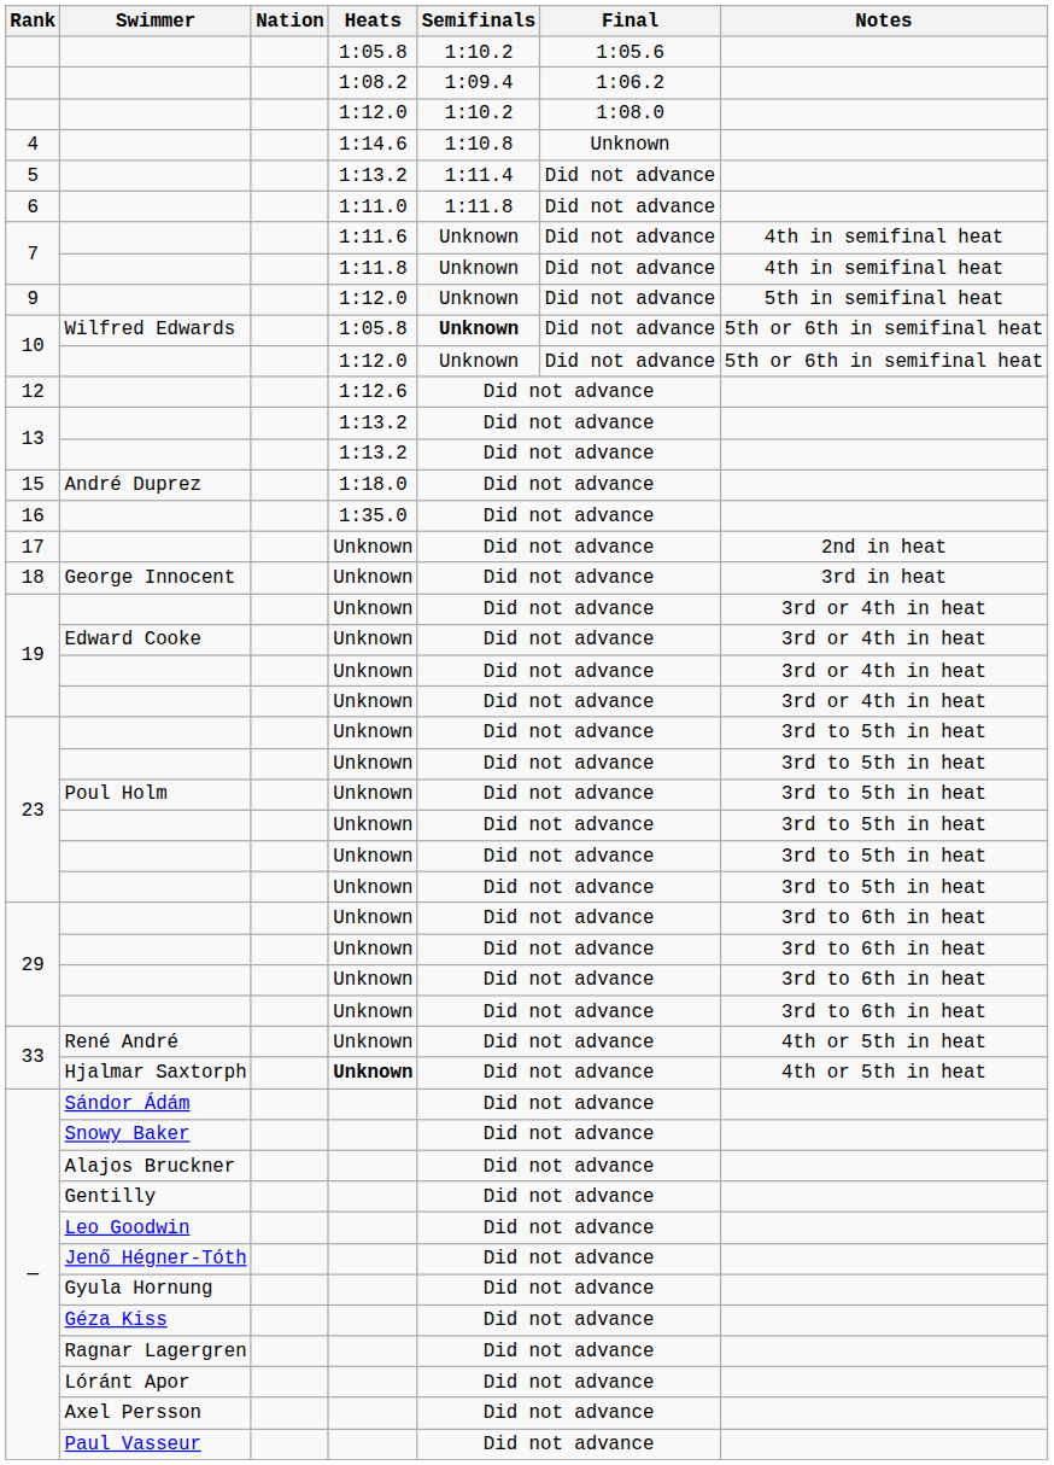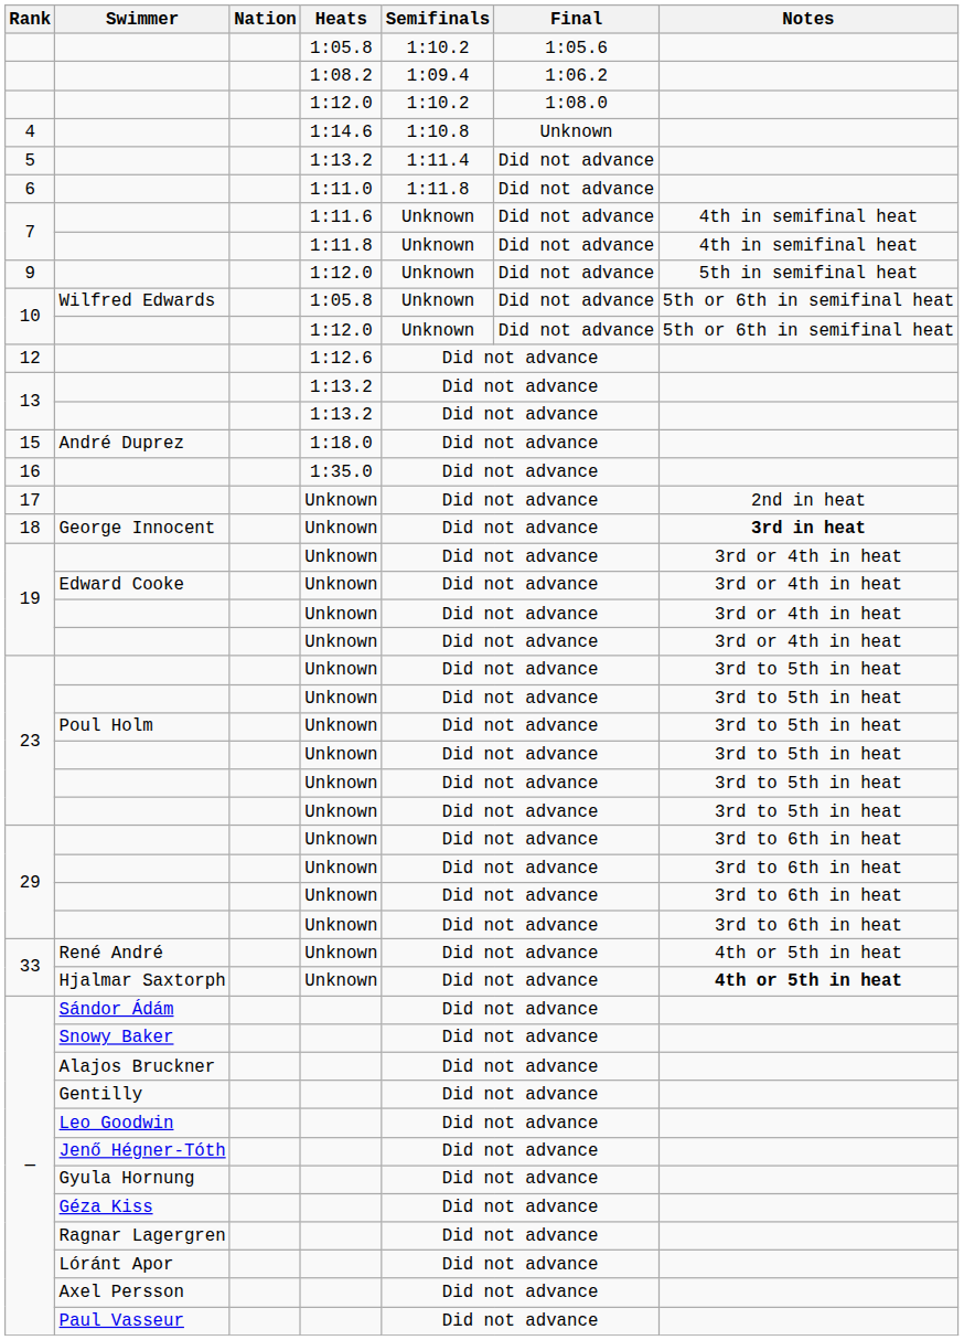 <table class="wikitable sortable" style="text-align:center">
 <tr>
 <th>Rank</th>
 <th>Swimmer</th>
 <th>Nation</th>
 <th>Heats</th>
 <th>Semifinals</th>
 <th>Final</th>
 <th>Notes</th>
 </tr>
 <tr>
 <td></td>
 <td align=left></td>
 <td align=left></td>
 <td>1:05.8</td>
 <td>1:10.2</td>
 <td>1:05.6</td>
 <td></td>
 </tr>
 <tr>
 <td></td>
 <td align=left></td>
 <td align=left></td>
 <td>1:08.2</td>
 <td>1:09.4</td>
 <td>1:06.2</td>
 <td></td>
 </tr>
 <tr>
 <td></td>
 <td align=left></td>
 <td align=left></td>
 <td>1:12.0</td>
 <td>1:10.2</td>
 <td>1:08.0</td>
 <td></td>
 </tr>
 <tr>
 <td>4</td>
 <td align=left></td>
 <td align=left></td>
 <td>1:14.6</td>
 <td>1:10.8</td>
 <td data-sort-value=5:00.0>Unknown</td>
 <td></td>
 </tr>
 <tr>
 <td>5</td>
 <td align=left></td>
 <td align=left></td>
 <td>1:13.2</td>
 <td>1:11.4</td>
 <td data-sort-value=6:00.0>Did not advance</td>
 <td></td>
 </tr>
 <tr>
 <td>6</td>
 <td align=left></td>
 <td align=left></td>
 <td>1:11.0</td>
 <td>1:11.8</td>
 <td data-sort-value=6:00.0>Did not advance</td>
 <td></td>
 </tr>
 <tr>
 <td rowspan=2>7</td>
 <td align=left></td>
 <td align=left></td>
 <td>1:11.6</td>
 <td data-sort-value=5:00.0>Unknown</td>
 <td data-sort-value=6:00.0>Did not advance</td>
 <td>4th in semifinal heat</td>
 </tr>
 <tr>
 <td align=left></td>
 <td align=left></td>
 <td>1:11.8</td>
 <td data-sort-value=5:00.0>Unknown</td>
 <td data-sort-value=6:00.0>Did not advance</td>
 <td>4th in semifinal heat</td>
 </tr>
 <tr>
 <td>9</td>
 <td align=left></td>
 <td align=left></td>
 <td>1:12.0</td>
 <td data-sort-value=5:00.0>Unknown</td>
 <td data-sort-value=6:00.0>Did not advance</td>
 <td>5th in semifinal heat</td>
 </tr>
 <tr>
 <td rowspan=2>10</td>
 <td align=left>Wilfred Edwards</td>
 <td align=left></td>
 <td>1:05.8</td>
-<td data-sort-value=5:00.0><strong>Unknown</strong></td>
+<td data-sort-value=5:00.0>Unknown</td>
 <td data-sort-value=6:00.0>Did not advance</td>
 <td>5th or 6th in semifinal heat</td>
 </tr>
 <tr>
 <td align=left></td>
 <td align=left></td>
 <td>1:12.0</td>
 <td data-sort-value=5:00.0>Unknown</td>
 <td data-sort-value=6:00.0>Did not advance</td>
 <td>5th or 6th in semifinal heat</td>
 </tr>
 <tr>
 <td>12</td>
 <td align=left></td>
 <td align=left></td>
 <td>1:12.6</td>
 <td colspan=2 data-sort-value=6:00.0>Did not advance</td>
 <td></td>
 </tr>
 <tr>
 <td rowspan=2>13</td>
 <td align=left></td>
 <td align=left></td>
 <td>1:13.2</td>
 <td colspan=2 data-sort-value=6:00.0>Did not advance</td>
 <td></td>
 </tr>
 <tr>
 <td align=left></td>
 <td align=left></td>
 <td>1:13.2</td>
 <td colspan=2 data-sort-value=6:00.0>Did not advance</td>
 <td></td>
 </tr>
 <tr>
 <td>15</td>
 <td align=left>André Duprez</td>
 <td align=left></td>
 <td>1:18.0</td>
 <td colspan=2 data-sort-value=6:00.0>Did not advance</td>
 <td></td>
 </tr>
 <tr>
 <td>16</td>
 <td align=left></td>
 <td align=left></td>
 <td>1:35.0</td>
 <td colspan=2 data-sort-value=6:00.0>Did not advance</td>
 <td></td>
 </tr>
 <tr>
 <td>17</td>
 <td align=left></td>
 <td align=left></td>
 <td data-sort-value=5:00.0>Unknown</td>
 <td colspan=2 data-sort-value=6:00.0>Did not advance</td>
 <td>2nd in heat</td>
 </tr>
 <tr>
 <td>18</td>
 <td align=left>George Innocent</td>
 <td align=left></td>
 <td data-sort-value=5:00.0>Unknown</td>
 <td colspan=2 data-sort-value=6:00.0>Did not advance</td>
-<td>3rd in heat</td>
+<td><strong>3rd in heat</strong></td>
 </tr>
 <tr>
 <td rowspan=4>19</td>
 <td align=left></td>
 <td align=left></td>
 <td data-sort-value=5:00.0>Unknown</td>
 <td colspan=2 data-sort-value=6:00.0>Did not advance</td>
 <td>3rd or 4th in heat</td>
 </tr>
 <tr>
 <td align=left>Edward Cooke</td>
 <td align=left></td>
 <td data-sort-value=5:00.0>Unknown</td>
 <td colspan=2 data-sort-value=6:00.0>Did not advance</td>
 <td>3rd or 4th in heat</td>
 </tr>
 <tr>
 <td align=left></td>
 <td align=left></td>
 <td data-sort-value=5:00.0>Unknown</td>
 <td colspan=2 data-sort-value=6:00.0>Did not advance</td>
 <td>3rd or 4th in heat</td>
 </tr>
 <tr>
 <td align=left></td>
 <td align=left></td>
 <td data-sort-value=5:00.0>Unknown</td>
 <td colspan=2 data-sort-value=6:00.0>Did not advance</td>
 <td>3rd or 4th in heat</td>
 </tr>
 <tr>
 <td rowspan=6>23</td>
 <td align=left></td>
 <td align=left></td>
 <td data-sort-value=5:00.0>Unknown</td>
 <td colspan=2 data-sort-value=6:00.0>Did not advance</td>
 <td>3rd to 5th in heat</td>
 </tr>
 <tr>
 <td align=left></td>
 <td align=left></td>
 <td data-sort-value=5:00.0>Unknown</td>
 <td colspan=2 data-sort-value=6:00.0>Did not advance</td>
 <td>3rd to 5th in heat</td>
 </tr>
 <tr>
 <td align=left>Poul Holm</td>
 <td align=left></td>
 <td data-sort-value=5:00.0>Unknown</td>
 <td colspan=2 data-sort-value=6:00.0>Did not advance</td>
 <td>3rd to 5th in heat</td>
 </tr>
 <tr>
 <td align=left></td>
 <td align=left></td>
 <td data-sort-value=5:00.0>Unknown</td>
 <td colspan=2 data-sort-value=6:00.0>Did not advance</td>
 <td>3rd to 5th in heat</td>
 </tr>
 <tr>
 <td align=left></td>
 <td align=left></td>
 <td data-sort-value=5:00.0>Unknown</td>
 <td colspan=2 data-sort-value=6:00.0>Did not advance</td>
 <td>3rd to 5th in heat</td>
 </tr>
 <tr>
 <td align=left></td>
 <td align=left></td>
 <td data-sort-value=5:00.0>Unknown</td>
 <td colspan=2 data-sort-value=6:00.0>Did not advance</td>
 <td>3rd to 5th in heat</td>
 </tr>
 <tr>
 <td rowspan=4>29</td>
 <td align=left></td>
 <td align=left></td>
 <td data-sort-value=5:00.0>Unknown</td>
 <td colspan=2 data-sort-value=6:00.0>Did not advance</td>
 <td>3rd to 6th in heat</td>
 </tr>
 <tr>
 <td align=left></td>
 <td align=left></td>
 <td data-sort-value=5:00.0>Unknown</td>
 <td colspan=2 data-sort-value=6:00.0>Did not advance</td>
 <td>3rd to 6th in heat</td>
 </tr>
 <tr>
 <td align=left></td>
 <td align=left></td>
 <td data-sort-value=5:00.0>Unknown</td>
 <td colspan=2 data-sort-value=6:00.0>Did not advance</td>
 <td>3rd to 6th in heat</td>
 </tr>
 <tr>
 <td align=left></td>
 <td align=left></td>
 <td data-sort-value=5:00.0>Unknown</td>
 <td colspan=2 data-sort-value=6:00.0>Did not advance</td>
 <td>3rd to 6th in heat</td>
 </tr>
 <tr>
 <td rowspan=2>33</td>
 <td align=left>René André</td>
 <td align=left></td>
 <td data-sort-value=5:00.0>Unknown</td>
 <td colspan=2 data-sort-value=6:00.0>Did not advance</td>
 <td>4th or 5th in heat</td>
 </tr>
 <tr>
 <td align=left>Hjalmar Saxtorph</td>
 <td align=left></td>
-<td data-sort-value=5:00.0><strong>Unknown</strong></td>
+<td data-sort-value=5:00.0>Unknown</td>
 <td colspan=2 data-sort-value=6:00.0>Did not advance</td>
-<td>4th or 5th in heat</td>
+<td><strong>4th or 5th in heat</strong></td>
 </tr>
 <tr>
 <td rowspan=12 data-sort-value=35>—</td>
 <td align=left data-sort-value="Ádám, Sándor"><a href='#'>Sándor Ádám</a></td>
 <td align=left></td>
 <td></td>
 <td colspan=2 data-sort-value=6:00.0>Did not advance</td>
 <td></td>
 </tr>
 <tr>
 <td align=left data-sort-value="Baker, Snowy"><a href='#'>Snowy Baker</a></td>
 <td align=left></td>
 <td></td>
 <td colspan=2 data-sort-value=6:00.0>Did not advance</td>
 <td></td>
 </tr>
 <tr>
 <td align=left data-sort-value="Bruckner, Alajos">Alajos Bruckner</td>
 <td align=left></td>
 <td></td>
 <td colspan=2 data-sort-value=6:00.0>Did not advance</td>
 <td></td>
 </tr>
 <tr>
 <td align=left data-sort-value="Gentilly">Gentilly</td>
 <td align=left></td>
 <td></td>
 <td colspan=2 data-sort-value=6:00.0>Did not advance</td>
 <td></td>
 </tr>
 <tr>
 <td align=left data-sort-value="Goodwin, Leo"><a href='#'>Leo Goodwin</a></td>
 <td align=left></td>
 <td></td>
 <td colspan=2 data-sort-value=6:00.0>Did not advance</td>
 <td></td>
 </tr>
 <tr>
 <td align=left data-sort-value="Hégner-Tóth, Jenő"><a href='#'>Jenő Hégner-Tóth</a></td>
 <td align=left></td>
 <td></td>
 <td colspan=2 data-sort-value=6:00.0>Did not advance</td>
 <td></td>
 </tr>
 <tr>
 <td align=left data-sort-value="Hornung, Gyula">Gyula Hornung</td>
 <td align=left></td>
 <td></td>
 <td colspan=2 data-sort-value=6:00.0>Did not advance</td>
 <td></td>
 </tr>
 <tr>
 <td align=left data-sort-value="Kiss, Géza"><a href='#'>Géza Kiss</a></td>
 <td align=left></td>
 <td></td>
 <td colspan=2 data-sort-value=6:00.0>Did not advance</td>
 <td></td>
 </tr>
 <tr>
 <td align=left data-sort-value="Lagergren, Ragnar">Ragnar Lagergren</td>
 <td align=left></td>
 <td></td>
 <td colspan=2 data-sort-value=6:00.0>Did not advance</td>
 <td></td>
 </tr>
 <tr>
 <td align=left data-sort-value="Lóránt Apor">Lóránt Apor</td>
 <td align=left></td>
 <td></td>
 <td colspan=2 data-sort-value=6:00.0>Did not advance</td>
 <td></td>
 </tr>
 <tr>
 <td align=left data-sort-value="Persson, Axel">Axel Persson</td>
 <td align=left></td>
 <td></td>
 <td colspan=2 data-sort-value=6:00.0>Did not advance</td>
 <td></td>
 </tr>
 <tr>
 <td align=left data-sort-value="Vasseur, Paul"><a href='#'>Paul Vasseur</a></td>
 <td align=left></td>
 <td></td>
 <td colspan=2 data-sort-value=6:00.0>Did not advance</td>
 <td></td>
 </tr>
 </table>
